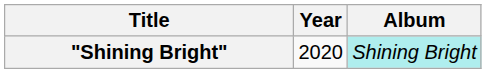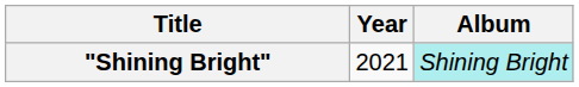 <table class="wikitable plainrowheaders" style="text-align:center;">
 <tr>
 <th style="width:14em;">Title</th>
 <th>Year</th>
 <th>Album</th>
 </tr>
 <tr>
 <th scope="row">"Shining Bright" <br></th>
-<td>2020</td>
+<td>2021</td>
 <td style="background: paleturquoise;"><em>Shining Bright</em></td>
 </tr>
 </table>
